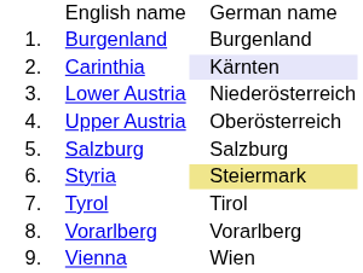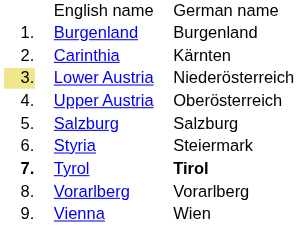 <table style="margin-left: 2em">
 <tr>
 <td></td>
 <td style="padding-left: 1em">English name</td>
 <td style="padding-left: 1em">German name</td>
 <td rowspan="10"></td>
 </tr>
 <tr>
 <td style="padding-left: 1em">1.</td>
 <td style="padding-left: 1em"><a href='#'>Burgenland</a></td>
 <td style="padding-left: 1em">Burgenland</td>
 </tr>
 <tr>
 <td style="padding-left: 1em">2.</td>
 <td style="padding-left: 1em"><a href='#'>Carinthia</a></td>
-<td style="background: lavender; padding-left: 1em">Kärnten</td>
+<td style="padding-left: 1em">Kärnten</td>
 </tr>
 <tr>
-<td style="padding-left: 1em">3.</td>
+<td style="background: khaki; padding-left: 1em">3.</td>
 <td style="padding-left: 1em"><a href='#'>Lower Austria</a></td>
 <td style="padding-left: 1em">Niederösterreich</td>
 </tr>
 <tr>
 <td style="padding-left: 1em">4.</td>
 <td style="padding-left: 1em"><a href='#'>Upper Austria</a></td>
 <td style="padding-left: 1em">Oberösterreich</td>
 </tr>
 <tr>
 <td style="padding-left: 1em">5.</td>
 <td style="padding-left: 1em"><a href='#'>Salzburg</a></td>
 <td style="padding-left: 1em">Salzburg</td>
 </tr>
 <tr>
 <td style="padding-left: 1em">6.</td>
 <td style="padding-left: 1em"><a href='#'>Styria</a></td>
-<td style="background: khaki; padding-left: 1em">Steiermark</td>
+<td style="padding-left: 1em">Steiermark</td>
 </tr>
 <tr>
-<td style="padding-left: 1em">7.</td>
+<td style="padding-left: 1em"><strong>7.</strong></td>
 <td style="padding-left: 1em"><a href='#'>Tyrol</a></td>
-<td style="padding-left: 1em">Tirol</td>
+<td style="padding-left: 1em"><strong>Tirol</strong></td>
 </tr>
 <tr>
 <td style="padding-left: 1em">8.</td>
 <td style="padding-left: 1em"><a href='#'>Vorarlberg</a></td>
 <td style="padding-left: 1em">Vorarlberg</td>
 </tr>
 <tr>
 <td style="padding-left: 1em">9.</td>
 <td style="padding-left: 1em"><a href='#'>Vienna</a></td>
 <td style="padding-left: 1em">Wien</td>
 </tr>
 </table>
